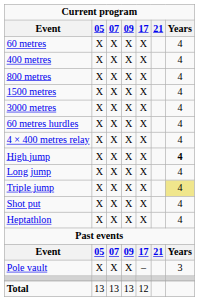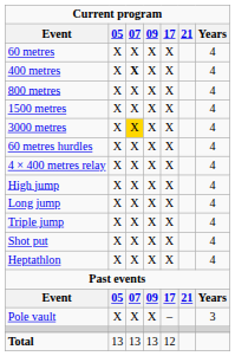 <table class="wikitable">
 <tr align=center>
 <td colspan=7 align=center><strong>Current program</strong></td>
 </tr>
 <tr align=center>
 <th>Event</th>
 <th><a href='#'>05</a></th>
 <th><a href='#'>07</a></th>
 <th><a href='#'>09</a></th>
 <th><a href='#'>17</a></th>
 <th><a href='#'>21</a></th>
 <th>Years</th>
 </tr>
 <tr align=center>
 <td align=left><a href='#'>60 metres</a></td>
 <td>X</td>
 <td>X</td>
 <td>X</td>
 <td>X</td>
 <td></td>
 <td>4</td>
 </tr>
 <tr align=center>
 <td align=left><a href='#'>400 metres</a></td>
 <td>X</td>
-<td>X</td>
+<td><strong>X</strong></td>
 <td>X</td>
 <td>X</td>
 <td></td>
 <td>4</td>
 </tr>
 <tr align=center>
 <td align=left><a href='#'>800 metres</a></td>
 <td>X</td>
 <td>X</td>
 <td>X</td>
 <td>X</td>
 <td></td>
 <td>4</td>
 </tr>
 <tr align=center>
 <td align=left><a href='#'>1500 metres</a></td>
 <td>X</td>
 <td>X</td>
 <td>X</td>
 <td>X</td>
 <td></td>
 <td>4</td>
 </tr>
 <tr align=center>
 <td align=left><a href='#'>3000 metres</a></td>
 <td>X</td>
-<td>X</td>
+<td style="background: gold;">X</td>
 <td>X</td>
 <td>X</td>
 <td></td>
 <td>4</td>
 </tr>
 <tr align=center>
 <td align=left><a href='#'>60 metres hurdles</a></td>
 <td>X</td>
 <td>X</td>
 <td>X</td>
 <td>X</td>
 <td></td>
 <td>4</td>
 </tr>
 <tr align=center>
 <td align=left><a href='#'>4 × 400 metres relay</a></td>
 <td>X</td>
 <td>X</td>
 <td>X</td>
 <td>X</td>
 <td></td>
 <td>4</td>
 </tr>
 <tr align=center>
 <td align=left><a href='#'>High jump</a></td>
 <td>X</td>
 <td>X</td>
 <td>X</td>
 <td>X</td>
 <td></td>
-<td><strong>4</strong></td>
+<td>4</td>
 </tr>
 <tr align=center>
 <td align=left><a href='#'>Long jump</a></td>
 <td>X</td>
 <td>X</td>
 <td>X</td>
 <td>X</td>
 <td></td>
 <td>4</td>
 </tr>
 <tr align=center>
 <td align=left><a href='#'>Triple jump</a></td>
 <td>X</td>
 <td>X</td>
 <td>X</td>
 <td>X</td>
 <td></td>
-<td style="background: khaki;">4</td>
+<td>4</td>
 </tr>
 <tr align=center>
 <td align=left><a href='#'>Shot put</a></td>
 <td>X</td>
 <td>X</td>
 <td>X</td>
 <td>X</td>
 <td></td>
 <td>4</td>
 </tr>
 <tr align=center>
 <td align=left><a href='#'>Heptathlon</a></td>
 <td>X</td>
 <td>X</td>
 <td>X</td>
 <td>X</td>
 <td></td>
 <td>4</td>
 </tr>
 <tr>
 <td colspan=7 align=center><strong>Past events</strong></td>
 </tr>
 <tr align=center>
 <th>Event</th>
 <th><a href='#'>05</a></th>
 <th><a href='#'>07</a></th>
 <th><a href='#'>09</a></th>
 <th><a href='#'>17</a></th>
 <th><a href='#'>21</a></th>
 <th>Years</th>
 </tr>
 <tr align=center>
 <td align=left><a href='#'>Pole vault</a></td>
 <td>X</td>
 <td>X</td>
 <td>X</td>
 <td>–</td>
 <td></td>
 <td>3</td>
 </tr>
 <tr bgcolor=lightgray>
 <td></td>
 <td></td>
 <td></td>
 <td></td>
 <td></td>
 <td></td>
 <td></td>
 </tr>
 <tr>
 </tr>
 <tr align=center>
 <td align=left><strong>Total</strong></td>
 <td>13</td>
 <td>13</td>
 <td>13</td>
 <td>12</td>
 <td></td>
 <td></td>
 </tr>
 </table>
